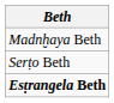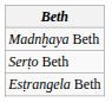 <table class="wikitable">
 <tr>
 <th><em>Beth</em></th>
 </tr>
 <tr>
 <td> <em>Madnḫaya</em> Beth</td>
 </tr>
 <tr>
 <td> <em>Serṭo</em> Beth</td>
 </tr>
 <tr>
-<td><strong> <em>Esṭrangela</em> Beth</strong></td>
+<td> <em>Esṭrangela</em> Beth</td>
 </tr>
 </table>
